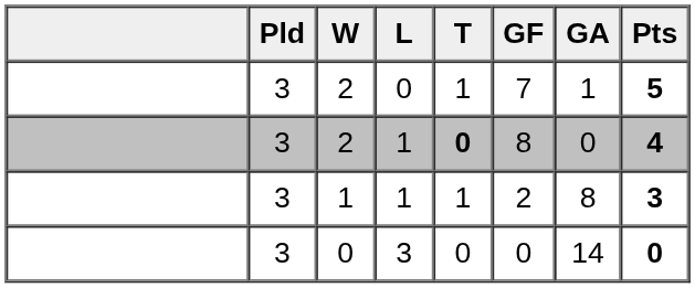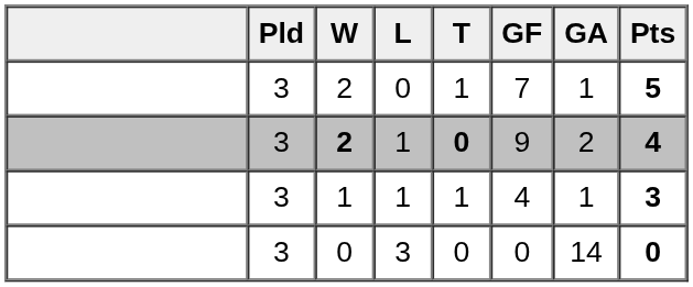 <table border=1 cellpadding=5 cellspacing=0>
 <tr>
 <th bgcolor="#efefef" width="120"></th>
 <th bgcolor="#efefef" width="20">Pld</th>
 <th bgcolor="#efefef" width="20">W</th>
 <th bgcolor="#efefef" width="20">L</th>
 <th bgcolor="#efefef" width="20">T</th>
 <th bgcolor="#efefef" width="20">GF</th>
 <th bgcolor="#efefef" width="20">GA</th>
 <th bgcolor="#efefef" width="20">Pts</th>
 </tr>
 <tr align=center>
 <td align=left></td>
 <td>3</td>
 <td>2</td>
 <td>0</td>
 <td>1</td>
 <td>7</td>
 <td>1</td>
 <td><strong>5</strong></td>
 </tr>
 <tr align=center bgcolor="silver">
 <td align=left> </td>
 <td>3</td>
-<td>2</td>
+<td><strong>2</strong></td>
 <td>1</td>
 <td><strong>0</strong></td>
-<td>8</td>
-<td>0</td>
+<td>9</td>
+<td>2</td>
 <td><strong>4</strong></td>
 </tr>
 <tr align=center>
 <td align=left></td>
 <td>3</td>
 <td>1</td>
 <td>1</td>
 <td>1</td>
-<td>2</td>
-<td>8</td>
+<td>4</td>
+<td>1</td>
 <td><strong>3</strong></td>
 </tr>
 <tr align=center>
 <td align=left></td>
 <td>3</td>
 <td>0</td>
 <td>3</td>
 <td>0</td>
 <td>0</td>
 <td>14</td>
 <td><strong>0</strong></td>
 </tr>
 <tr align=center>
 </tr>
 </table>
